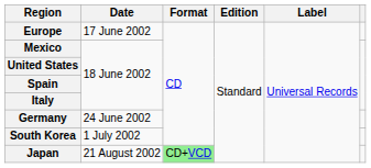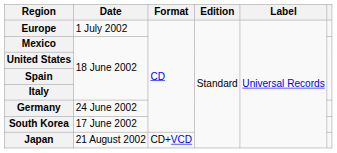 <table class="wikitable plainrowheaders">
 <tr>
 <th scope="col">Region</th>
 <th scope="col">Date</th>
 <th scope="col">Format</th>
 <th scope="col">Edition</th>
 <th scope="col">Label</th>
 <th scope="col"></th>
 </tr>
 <tr>
 <th scope="row">Europe</th>
-<td>17 June 2002</td>
+<td>1 July 2002</td>
 <td rowspan="7"><a href='#'>CD</a></td>
 <td rowspan="8">Standard</td>
 <td rowspan="8"><a href='#'>Universal Records</a></td>
 <td align="center"></td>
 </tr>
 <tr>
 <th scope="row">Mexico</th>
 <td rowspan="4">18 June 2002</td>
 <td align="center" rowspan="4"></td>
 </tr>
 <tr>
 <th scope="row">United States</th>
 </tr>
 <tr>
 <th scope="row">Spain</th>
 </tr>
 <tr>
 <th scope="row">Italy</th>
 </tr>
 <tr>
 <th scope="row">Germany</th>
 <td>24 June 2002</td>
 <td align="center"></td>
 </tr>
 <tr>
 <th scope="row">South Korea</th>
-<td>1 July 2002</td>
+<td>17 June 2002</td>
 <td align="center"></td>
 </tr>
 <tr>
 <th scope="row">Japan</th>
 <td>21 August 2002</td>
-<td style="background: lightgreen;">CD+<a href='#'>VCD</a></td>
+<td>CD+<a href='#'>VCD</a></td>
 <td align="center"></td>
 </tr>
 </table>
